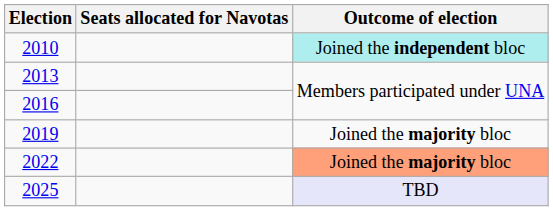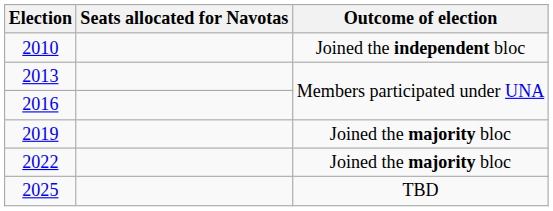 <table class="wikitable" style="text-align:center;">
 <tr>
 <th>Election</th>
 <th>Seats allocated for Navotas</th>
 <th>Outcome of election</th>
 </tr>
 <tr>
 <td><a href='#'>2010</a></td>
 <td></td>
-<td style="background: paleturquoise;">Joined the <strong>independent</strong> bloc</td>
+<td>Joined the <strong>independent</strong> bloc</td>
 </tr>
 <tr>
 <td><a href='#'>2013</a></td>
 <td></td>
 <td rowspan="2">Members participated under <a href='#'>UNA</a></td>
 </tr>
 <tr>
 <td><a href='#'>2016</a></td>
 <td></td>
 </tr>
 <tr>
 <td><a href='#'>2019</a></td>
 <td></td>
 <td>Joined the <strong>majority</strong> bloc</td>
 </tr>
 <tr>
 <td><a href='#'>2022</a></td>
 <td></td>
-<td style="background: lightsalmon;">Joined the <strong>majority</strong> bloc</td>
+<td>Joined the <strong>majority</strong> bloc</td>
 </tr>
 <tr>
 <td><a href='#'>2025</a></td>
 <td></td>
-<td style="background: lavender;">TBD</td>
+<td>TBD</td>
 </tr>
 </table>
